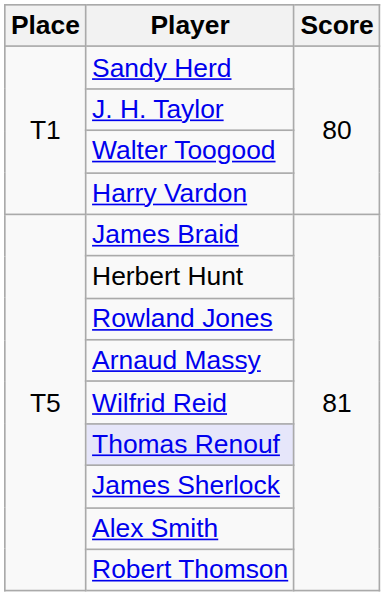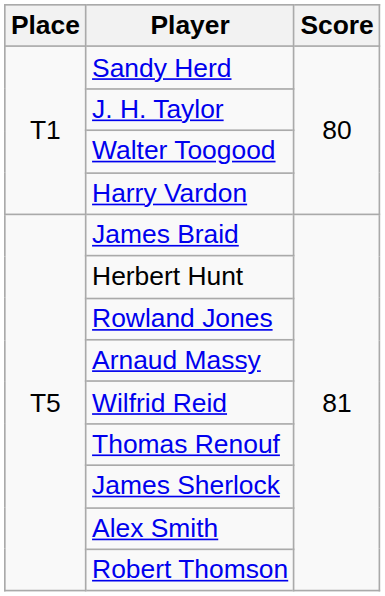 <table class="wikitable">
 <tr>
 <th>Place</th>
 <th>Player</th>
 <th>Score</th>
 </tr>
 <tr>
 <td rowspan=4 align=center>T1</td>
 <td> <a href='#'>Sandy Herd</a></td>
 <td rowspan=4 align=center>80</td>
 </tr>
 <tr>
 <td> <a href='#'>J. H. Taylor</a></td>
 </tr>
 <tr>
 <td> <a href='#'>Walter Toogood</a></td>
 </tr>
 <tr>
 <td> <a href='#'>Harry Vardon</a></td>
 </tr>
 <tr>
 <td rowspan=9 align=center>T5</td>
 <td> <a href='#'>James Braid</a></td>
 <td rowspan=9 align=center>81</td>
 </tr>
 <tr>
 <td> Herbert Hunt</td>
 </tr>
 <tr>
 <td> <a href='#'>Rowland Jones</a></td>
 </tr>
 <tr>
 <td> <a href='#'>Arnaud Massy</a></td>
 </tr>
 <tr>
 <td> <a href='#'>Wilfrid Reid</a></td>
 </tr>
 <tr>
-<td style="background: lavender;"> <a href='#'>Thomas Renouf</a></td>
+<td> <a href='#'>Thomas Renouf</a></td>
 </tr>
 <tr>
 <td> <a href='#'>James Sherlock</a></td>
 </tr>
 <tr>
 <td> <a href='#'>Alex Smith</a></td>
 </tr>
 <tr>
 <td> <a href='#'>Robert Thomson</a></td>
 </tr>
 </table>
